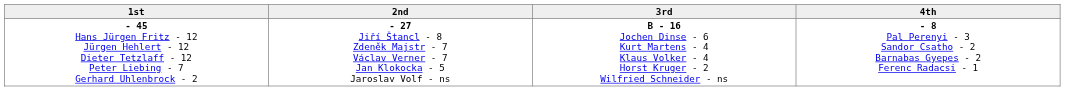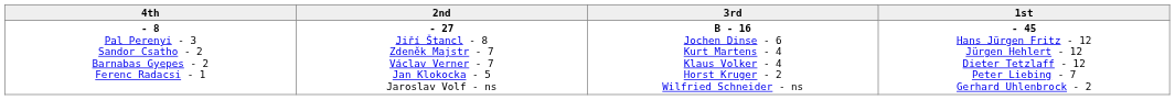 <table border=1 cellpadding=2 cellspacing=0 width=75% style="border-collapse:collapse">
 <tr align=center style="background:#efefef;">
-<th width=20% >1st</th>
+<th width=20%>4th</th>
 <th width=20% >2nd</th>
 <th width=20% >3rd</th>
-<th width=20%>4th</th>
+<th width=20% >1st</th>
 </tr>
 <tr align=center>
-<td valign=top ><strong> - 45</strong><br><a href='#'>Hans Jürgen Fritz</a> - 12<br><a href='#'>Jürgen Hehlert</a> - 12<br><a href='#'>Dieter Tetzlaff</a> - 12<br><a href='#'>Peter Liebing</a> - 7<br><a href='#'>Gerhard Uhlenbrock</a> - 2</td>
+<td valign=top><strong> - 8</strong><br><a href='#'>Pal Perenyi</a> - 3<br><a href='#'>Sandor Csatho</a> - 2<br><a href='#'>Barnabas Gyepes</a> - 2<br><a href='#'>Ferenc Radacsi</a>	- 1</td>
 <td valign=top ><strong> - 27</strong><br><a href='#'>Jiří Štancl</a> - 8<br><a href='#'>Zdeněk Majstr</a> - 7<br><a href='#'>Václav Verner</a> - 7<br><a href='#'>Jan Klokocka</a> - 5<br>Jaroslav Volf - ns</td>
 <td valign=top ><strong> B - 16</strong><br><a href='#'>Jochen Dinse</a> - 6<br><a href='#'>Kurt Martens</a> - 4<br><a href='#'>Klaus Volker</a> - 4<br><a href='#'>Horst Kruger</a> - 2<br><a href='#'>Wilfried Schneider</a> - ns</td>
-<td valign=top><strong> - 8</strong><br><a href='#'>Pal Perenyi</a> - 3<br><a href='#'>Sandor Csatho</a> - 2<br><a href='#'>Barnabas Gyepes</a> - 2<br><a href='#'>Ferenc Radacsi</a>	- 1</td>
+<td valign=top ><strong> - 45</strong><br><a href='#'>Hans Jürgen Fritz</a> - 12<br><a href='#'>Jürgen Hehlert</a> - 12<br><a href='#'>Dieter Tetzlaff</a> - 12<br><a href='#'>Peter Liebing</a> - 7<br><a href='#'>Gerhard Uhlenbrock</a> - 2</td>
 </tr>
 </table>
